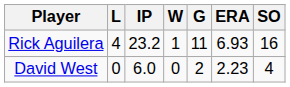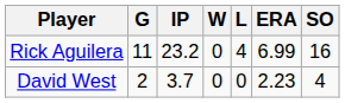 <table class="wikitable sortable">
 <tr>
 <th>Player</th>
-<th>L</th>
+<th>G</th>
 <th>IP</th>
 <th>W</th>
-<th>G</th>
+<th>L</th>
 <th>ERA</th>
 <th>SO</th>
 </tr>
 <tr align="center">
 <td><a href='#'>Rick Aguilera</a></td>
+<td>11</td>
+<td>23.2</td>
+<td>0</td>
 <td>4</td>
-<td>23.2</td>
-<td>1</td>
-<td>11</td>
-<td>6.93</td>
+<td>6.99</td>
 <td>16</td>
 </tr>
 <tr align="center">
 <td><a href='#'>David West</a></td>
+<td>2</td>
+<td>3.7</td>
 <td>0</td>
-<td>6.0</td>
 <td>0</td>
-<td>2</td>
 <td>2.23</td>
 <td>4</td>
 </tr>
 </table>
